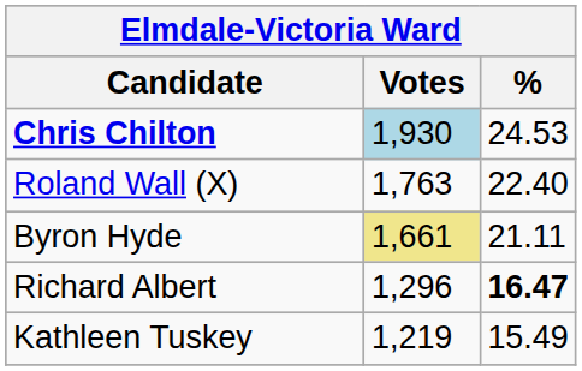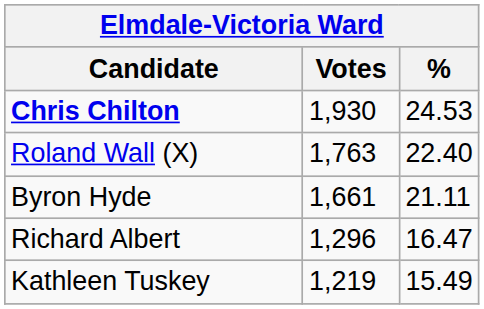 <table class="wikitable">
 <tr>
 <th colspan="3"><a href='#'>Elmdale-Victoria Ward</a></th>
 </tr>
 <tr>
 <th style="width: 170px">Candidate</th>
 <th style="width: 50px">Votes</th>
 <th style="width: 40px">%</th>
 </tr>
 <tr>
 <td><strong><a href='#'>Chris Chilton</a></strong></td>
-<td style="background: lightblue;">1,930</td>
+<td>1,930</td>
 <td>24.53</td>
 </tr>
 <tr>
 <td><a href='#'>Roland Wall</a> (X)</td>
 <td>1,763</td>
 <td>22.40</td>
 </tr>
 <tr>
 <td>Byron Hyde</td>
-<td style="background: khaki;">1,661</td>
+<td>1,661</td>
 <td>21.11</td>
 </tr>
 <tr>
 <td>Richard Albert</td>
 <td>1,296</td>
-<td><strong>16.47</strong></td>
+<td>16.47</td>
 </tr>
 <tr>
 <td>Kathleen Tuskey</td>
 <td>1,219</td>
 <td>15.49</td>
 </tr>
 </table>
